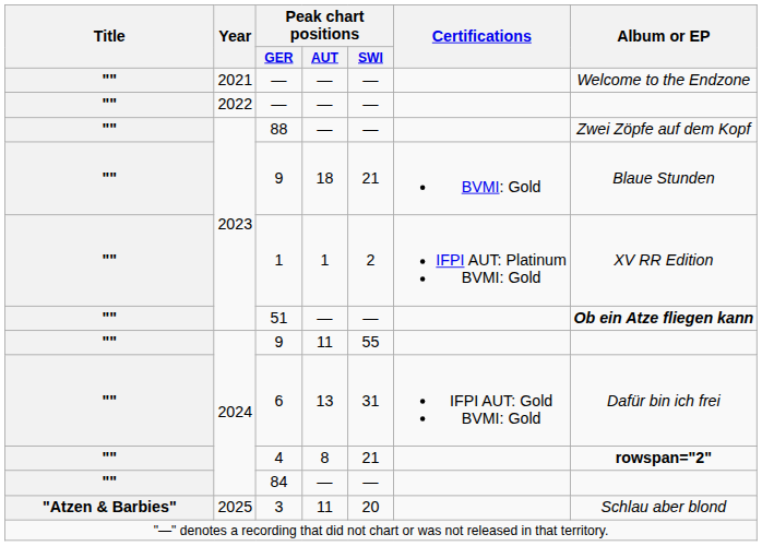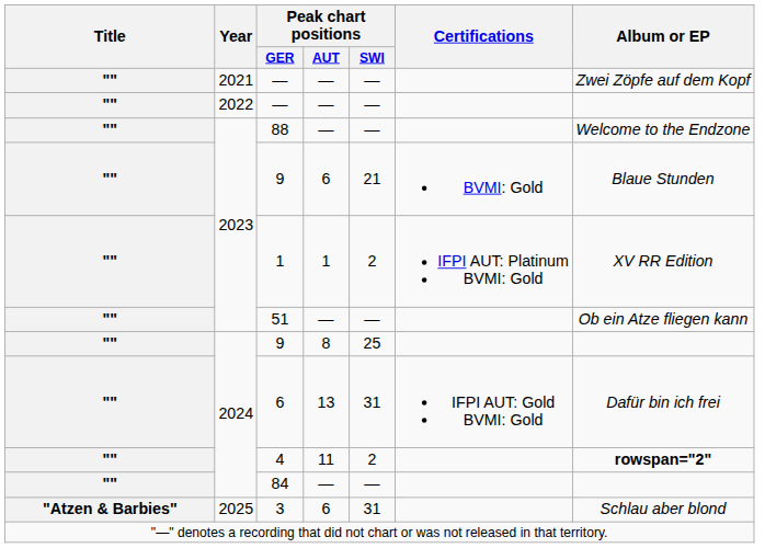 <table class="wikitable plainrowheaders" style="text-align:center;">
 <tr>
 <th scope="col" rowspan="2" style="width:13em;">Title</th>
 <th scope="col" rowspan="2">Year</th>
 <th scope="col" colspan="3">Peak chart positions</th>
 <th scope="col" rowspan="2"><a href='#'>Certifications</a></th>
 <th scope="col" rowspan="2">Album or EP</th>
 </tr>
 <tr>
 <th scope="col" style="width:3em;font-size:85%;"><a href='#'>GER</a><br></th>
 <th scope="col" style="width:3em;font-size:85%;"><a href='#'>AUT</a><br></th>
 <th scope="col" style="width:3em;font-size:85%;"><a href='#'>SWI</a><br></th>
 </tr>
 <tr>
 <th scope="row">""<br></th>
 <td>2021</td>
 <td>—</td>
 <td>—</td>
 <td>—</td>
 <td></td>
-<td><em>Welcome to the Endzone</em></td>
+<td><em>Zwei Zöpfe auf dem Kopf</em></td>
 </tr>
 <tr>
 <th scope="row">""<br></th>
 <td>2022</td>
 <td>—</td>
 <td>—</td>
 <td>—</td>
 <td></td>
 <td></td>
 </tr>
 <tr>
 <th scope="row">""<br></th>
 <td rowspan="4">2023</td>
 <td>88</td>
 <td>—</td>
 <td>—</td>
 <td></td>
-<td><em>Zwei Zöpfe auf dem Kopf</em></td>
+<td><em>Welcome to the Endzone</em></td>
 </tr>
 <tr>
 <th scope="row">""<br></th>
 <td>9</td>
-<td>18</td>
+<td>6</td>
 <td>21</td>
 <td><br><ul><li><a href='#'>BVMI</a>: Gold</li></ul></td>
 <td><em>Blaue Stunden</em></td>
 </tr>
 <tr>
 <th scope="row">""<br></th>
 <td>1</td>
 <td>1</td>
 <td>2</td>
 <td><br><ul><li><a href='#'>IFPI</a> AUT: Platinum</li><li>BVMI: Gold</li></ul></td>
 <td><em>XV RR Edition</em></td>
 </tr>
 <tr>
 <th scope="row">""<br></th>
 <td>51</td>
 <td>—</td>
 <td>—</td>
 <td></td>
-<td><strong><em>Ob ein Atze fliegen kann</em></strong></td>
+<td><em>Ob ein Atze fliegen kann</em></td>
 </tr>
 <tr>
 <th scope="row">""<br></th>
 <td rowspan="4">2024</td>
 <td>9</td>
-<td>11</td>
-<td>55</td>
+<td>8</td>
+<td>25</td>
 <td></td>
 <td></td>
 </tr>
 <tr>
 <th scope="row">""<br></th>
 <td>6</td>
 <td>13</td>
 <td>31</td>
 <td><br><ul><li>IFPI AUT: Gold</li><li>BVMI: Gold</li></ul></td>
 <td><em>Dafür bin ich frei</em></td>
 </tr>
 <tr>
 <th scope="row">""<br></th>
 <td>4</td>
-<td>8</td>
-<td>21</td>
+<td>11</td>
+<td>2</td>
 <td></td>
 <td><strong>rowspan="2" </strong></td>
 </tr>
 <tr>
 <th scope="row">""<br></th>
 <td>84</td>
 <td>—</td>
 <td>—</td>
 <td></td>
 </tr>
 <tr>
 <th scope="row">"Atzen & Barbies"<br></th>
 <td>2025</td>
 <td>3</td>
-<td>11</td>
-<td>20</td>
+<td>6</td>
+<td>31</td>
 <td></td>
 <td><em>Schlau aber blond</em></td>
 </tr>
 <tr>
 <td colspan="7" style="font-size:85%">"—" denotes a recording that did not chart or was not released in that territory.</td>
 </tr>
 </table>
